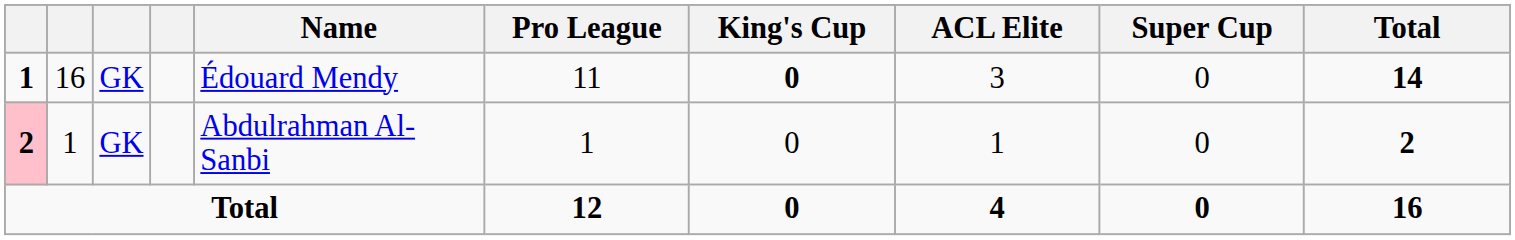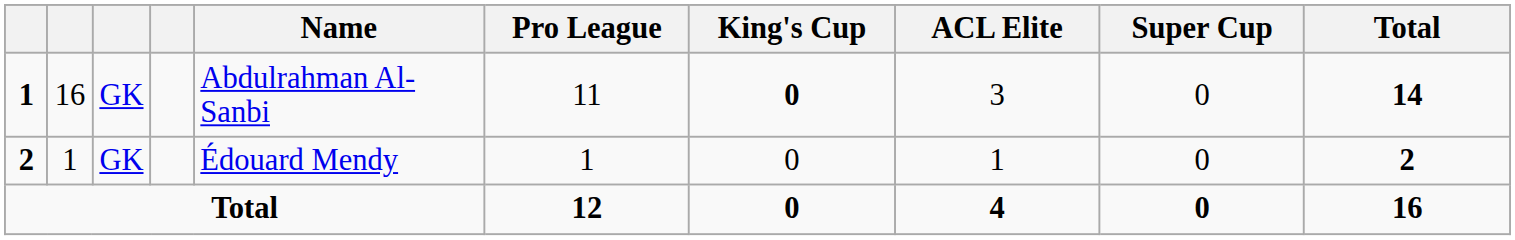 <table class="wikitable" style="text-align:center">
 <tr>
 <th width=15></th>
 <th width=15></th>
 <th width=15></th>
 <th width=15></th>
 <th width=145>Name</th>
 <th width=100>Pro League</th>
 <th width=100>King's Cup</th>
 <th width=100>ACL Elite</th>
 <th width=100>Super Cup</th>
 <th width=100>Total</th>
 </tr>
 <tr>
 <td><strong>1</strong></td>
 <td>16</td>
 <td><a href='#'>GK</a></td>
 <td></td>
-<td align=left><a href='#'>Édouard Mendy</a></td>
+<td align=left><a href='#'>Abdulrahman Al-Sanbi</a></td>
 <td>11</td>
 <td><strong>0</strong></td>
 <td>3</td>
 <td>0</td>
 <td><strong>14</strong></td>
 </tr>
 <tr>
-<td style="background: pink;"><strong>2</strong></td>
+<td><strong>2</strong></td>
 <td>1</td>
 <td><a href='#'>GK</a></td>
 <td></td>
-<td align=left><a href='#'>Abdulrahman Al-Sanbi</a></td>
+<td align=left><a href='#'>Édouard Mendy</a></td>
 <td>1</td>
 <td>0</td>
 <td>1</td>
 <td>0</td>
 <td><strong>2</strong></td>
 </tr>
 <tr>
 <td colspan=5><strong>Total</strong></td>
 <td><strong>12</strong></td>
 <td><strong>0</strong></td>
 <td><strong>4</strong></td>
 <td><strong>0</strong></td>
 <td><strong>16</strong></td>
 </tr>
 </table>
